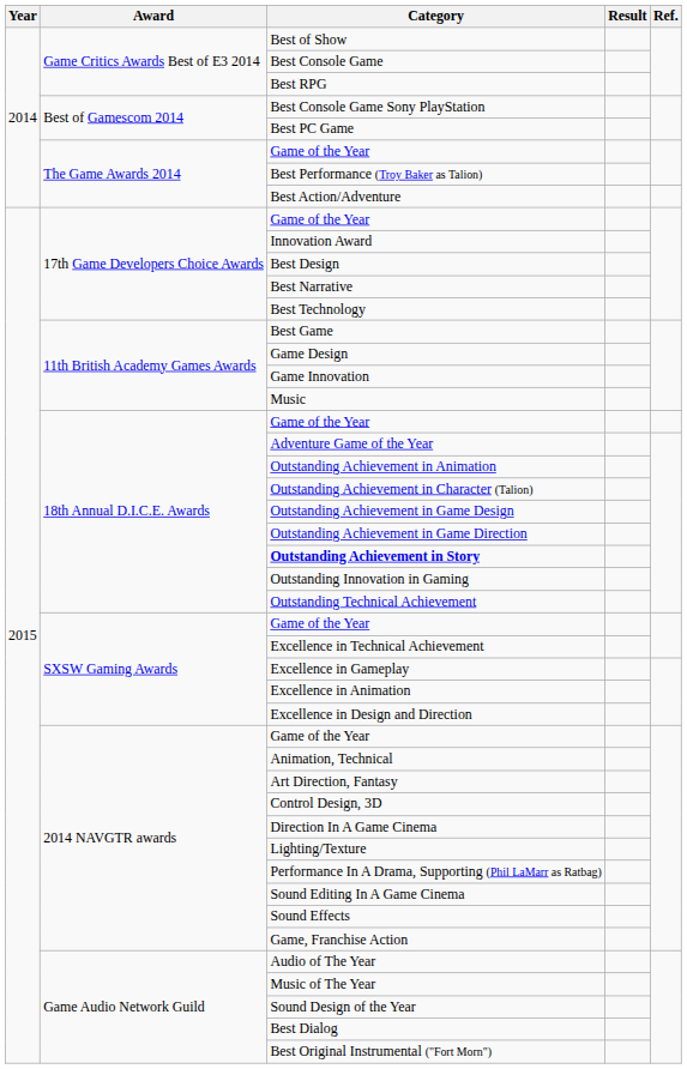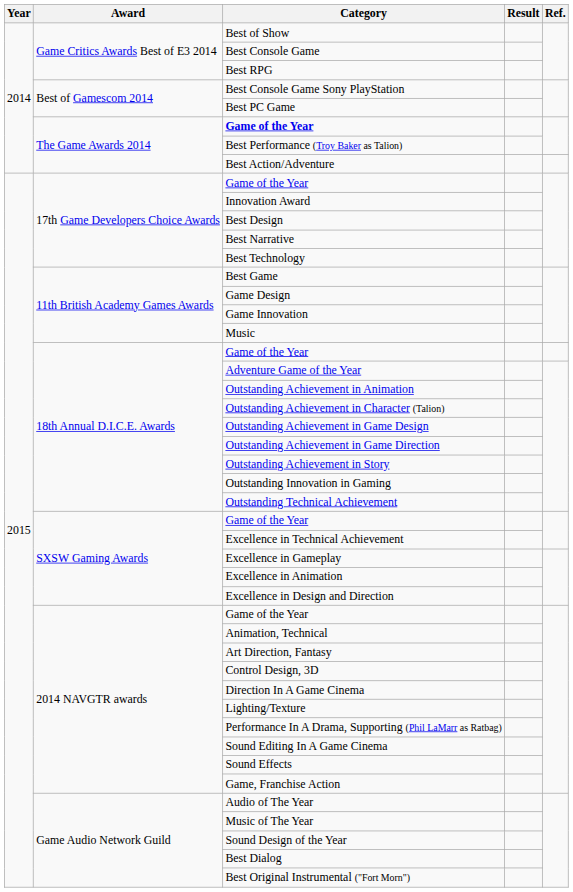 <table class="wikitable sortable">
 <tr>
 <th>Year</th>
 <th>Award</th>
 <th>Category</th>
 <th>Result</th>
 <th>Ref.</th>
 </tr>
 <tr>
 <td rowspan="8">2014</td>
 <td rowspan="3"><a href='#'>Game Critics Awards</a> Best of E3 2014</td>
 <td>Best of Show</td>
 <td></td>
 <td rowspan="3" style="text-align:center;"></td>
 </tr>
 <tr>
 <td>Best Console Game</td>
 <td></td>
 </tr>
 <tr>
 <td>Best RPG</td>
 <td></td>
 </tr>
 <tr>
 <td rowspan="2">Best of <a href='#'>Gamescom 2014</a></td>
 <td>Best Console Game Sony PlayStation</td>
 <td></td>
 <td rowspan="2" style="text-align:center;"></td>
 </tr>
 <tr>
 <td>Best PC Game</td>
 <td></td>
 </tr>
 <tr>
 <td rowspan="3"><a href='#'>The Game Awards 2014</a></td>
-<td><a href='#'>Game of the Year</a></td>
+<td><strong><a href='#'>Game of the Year</a></strong></td>
 <td></td>
 <td rowspan="2" style="text-align:center;"></td>
 </tr>
 <tr>
 <td>Best Performance <small>(<a href='#'>Troy Baker</a> as Talion)</small></td>
 <td></td>
 </tr>
 <tr>
 <td>Best Action/Adventure</td>
 <td></td>
 <td rowspan="1" style="text-align:center;"></td>
 </tr>
 <tr>
 <td rowspan="42">2015</td>
 <td rowspan="5">17th <a href='#'>Game Developers Choice Awards</a></td>
 <td><a href='#'>Game of the Year</a></td>
 <td></td>
 <td rowspan="5" style="text-align:center;"></td>
 </tr>
 <tr>
 <td>Innovation Award</td>
 <td></td>
 </tr>
 <tr>
 <td>Best Design</td>
 <td></td>
 </tr>
 <tr>
 <td>Best Narrative</td>
 <td></td>
 </tr>
 <tr>
 <td>Best Technology</td>
 <td></td>
 </tr>
 <tr>
 <td rowspan="4"><a href='#'>11th British Academy Games Awards</a></td>
 <td>Best Game</td>
 <td></td>
 <td rowspan="4" style="text-align:center;"></td>
 </tr>
 <tr>
 <td>Game Design</td>
 <td></td>
 </tr>
 <tr>
 <td>Game Innovation</td>
 <td></td>
 </tr>
 <tr>
 <td>Music</td>
 <td></td>
 </tr>
 <tr>
 <td rowspan="9"><a href='#'>18th Annual D.I.C.E. Awards</a></td>
 <td><a href='#'>Game of the Year</a></td>
 <td></td>
 <td style="text-align:center;"></td>
 </tr>
 <tr>
 <td><a href='#'>Adventure Game of the Year</a></td>
 <td></td>
 <td rowspan="8" style="text-align:center;"></td>
 </tr>
 <tr>
 <td><a href='#'>Outstanding Achievement in Animation</a></td>
 <td></td>
 </tr>
 <tr>
 <td><a href='#'>Outstanding Achievement in Character</a> <small>(Talion)</small></td>
 <td></td>
 </tr>
 <tr>
 <td><a href='#'>Outstanding Achievement in Game Design</a></td>
 <td></td>
 </tr>
 <tr>
 <td><a href='#'>Outstanding Achievement in Game Direction</a></td>
 <td></td>
 </tr>
 <tr>
-<td><strong><a href='#'>Outstanding Achievement in Story</a></strong></td>
+<td><a href='#'>Outstanding Achievement in Story</a></td>
 <td></td>
 </tr>
 <tr>
 <td>Outstanding Innovation in Gaming</td>
 <td></td>
 </tr>
 <tr>
 <td><a href='#'>Outstanding Technical Achievement</a></td>
 <td></td>
 </tr>
 <tr>
 <td rowspan="5"><a href='#'>SXSW Gaming Awards</a></td>
 <td><a href='#'>Game of the Year</a></td>
 <td></td>
 <td rowspan="2" style="text-align:center;"></td>
 </tr>
 <tr>
 <td>Excellence in Technical Achievement</td>
 <td></td>
 </tr>
 <tr>
 <td>Excellence in Gameplay</td>
 <td></td>
 <td rowspan="3" style="text-align:center;"></td>
 </tr>
 <tr>
 <td>Excellence in Animation</td>
 <td></td>
 </tr>
 <tr>
 <td>Excellence in Design and Direction</td>
 <td></td>
 </tr>
 <tr>
 <td rowspan="10">2014 NAVGTR awards</td>
 <td>Game of the Year</td>
 <td></td>
 <td rowspan="10" style="text-align:center;"></td>
 </tr>
 <tr>
 <td>Animation, Technical</td>
 <td></td>
 </tr>
 <tr>
 <td>Art Direction, Fantasy</td>
 <td></td>
 </tr>
 <tr>
 <td>Control Design, 3D</td>
 <td></td>
 </tr>
 <tr>
 <td>Direction In A Game Cinema</td>
 <td></td>
 </tr>
 <tr>
 <td>Lighting/Texture</td>
 <td></td>
 </tr>
 <tr>
 <td>Performance In A Drama, Supporting <small>(<a href='#'>Phil LaMarr</a> as Ratbag)</small></td>
 <td></td>
 </tr>
 <tr>
 <td>Sound Editing In A Game Cinema</td>
 <td></td>
 </tr>
 <tr>
 <td>Sound Effects</td>
 <td></td>
 </tr>
 <tr>
 <td>Game, Franchise Action</td>
 <td></td>
 </tr>
 <tr>
 <td rowspan="5">Game Audio Network Guild</td>
 <td>Audio of The Year</td>
 <td></td>
 <td rowspan="5" style="text-align:center;"></td>
 </tr>
 <tr>
 <td>Music of The Year</td>
 <td></td>
 </tr>
 <tr>
 <td>Sound Design of the Year</td>
 <td></td>
 </tr>
 <tr>
 <td>Best Dialog</td>
 <td></td>
 </tr>
 <tr>
 <td>Best Original Instrumental <small>("Fort Morn")</small></td>
 <td></td>
 </tr>
 </table>
